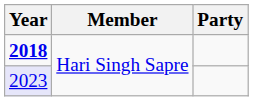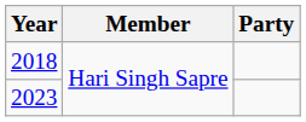 <table class="wikitable sortable">
 <tr>
 <th>Year</th>
 <th>Member</th>
 <th colspan=2>Party</th>
 </tr>
 <tr>
-<td><strong><a href='#'>2018</a></strong></td>
+<td><a href='#'>2018</a></td>
 <td Rowspan=2><a href='#'>Hari Singh Sapre</a></td>
 <td></td>
 </tr>
 <tr>
-<td style="background: lavender;"><a href='#'>2023</a></td>
+<td><a href='#'>2023</a></td>
 </tr>
 </table>
